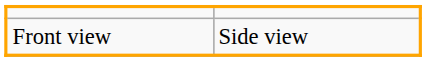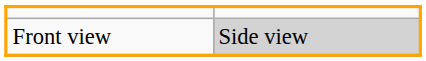 <table class="wikitable" align="right" width="30%" style="font-size:90%; border:2px solid orange;">
 <tr>
 <td width="40%" align="center" valign="center"></td>
 <td width="40%" align="center" valign="center"></td>
 </tr>
 <tr>
 <td valign="top">Front view</td>
-<td valign="top">Side view</td>
+<td valign="top" style="background: lightgrey;">Side view</td>
 </tr>
 <tr>
 </tr>
 </table>
